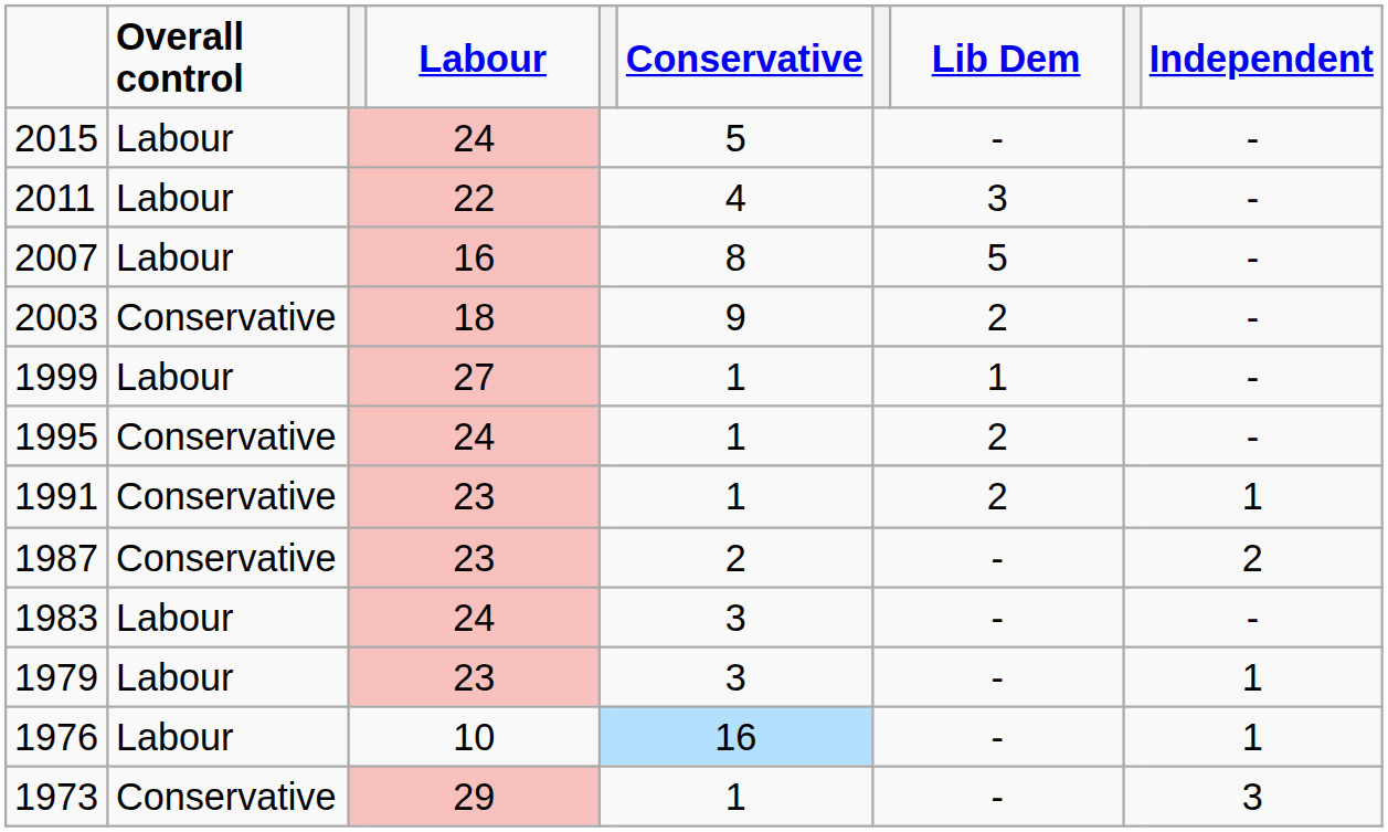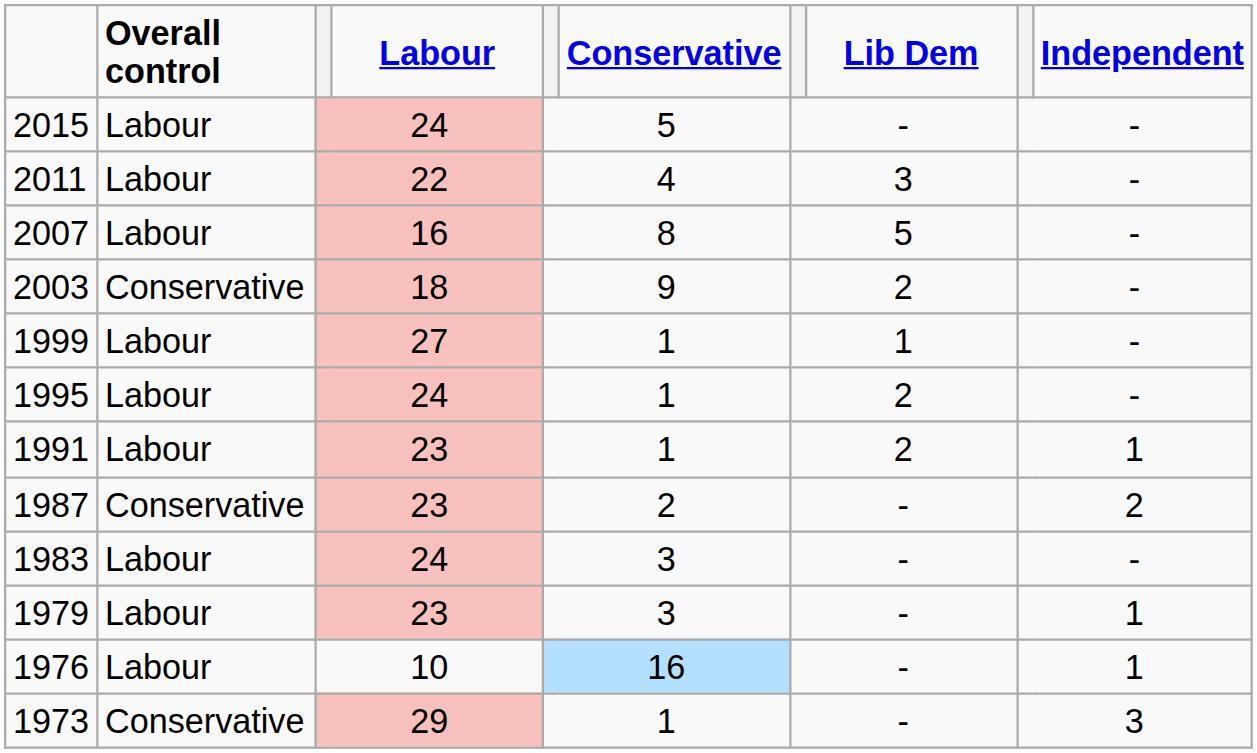 <table class="wikitable" style="text-align:left; padding-left:1em; font-size: 95%">
 <tr>
 <td width=32></td>
 <td width=90><strong>Overall control</strong></td>
 <th style="background-color: "></th>
 <td width=87 align="center"><strong><a href='#'>Labour</a></strong></td>
 <th style="background-color: "></th>
 <td width=87 align="center"><strong><a href='#'>Conservative</a></strong></td>
 <th style="background-color: "></th>
 <td width=87 align="center"><strong><a href='#'>Lib Dem</a></strong></td>
 <th style="background-color: "></th>
 <td width=87 align="center"><strong><a href='#'>Independent</a></strong></td>
 </tr>
 <tr>
 <td>2015</td>
 <td style="background:">Labour</td>
 <td colspan=2 align="center" style="background:#F8C1BE">24</td>
 <td colspan=2 align="center">5</td>
 <td colspan=2 align="center">-</td>
 <td colspan=2 align="center">-</td>
 </tr>
 <tr>
 <td>2011</td>
 <td style="background:">Labour</td>
 <td colspan=2 align="center" style="background:#F8C1BE">22</td>
 <td colspan=2 align="center">4</td>
 <td colspan=2 align="center">3</td>
 <td colspan=2 align="center">-</td>
 </tr>
 <tr>
 <td>2007</td>
 <td style="background:">Labour</td>
 <td colspan=2 align="center" style="background:#F8C1BE">16</td>
 <td colspan=2 align="center">8</td>
 <td colspan=2 align="center">5</td>
 <td colspan=2 align="center">-</td>
 </tr>
 <tr>
 <td>2003</td>
 <td style="background:">Conservative</td>
 <td colspan=2 align="center" style="background:#F8C1BE">18</td>
 <td colspan=2 align="center">9</td>
 <td colspan=2 align="center">2</td>
 <td colspan=2 align="center">-</td>
 </tr>
 <tr>
 <td>1999</td>
 <td style="background:">Labour</td>
 <td colspan=2 align="center" style="background:#F8C1BE">27</td>
 <td colspan=2 align="center">1</td>
 <td colspan=2 align="center">1</td>
 <td colspan=2 align="center">-</td>
 </tr>
 <tr>
 <td>1995</td>
-<td style="background:">Conservative</td>
+<td style="background:">Labour</td>
 <td colspan=2 align="center" style="background:#F8C1BE">24</td>
 <td colspan=2 align="center">1</td>
 <td colspan=2 align="center">2</td>
 <td colspan=2 align="center">-</td>
 </tr>
 <tr>
 <td>1991</td>
-<td style="background:">Conservative</td>
+<td style="background:">Labour</td>
 <td colspan=2 align="center" style="background:#F8C1BE">23</td>
 <td colspan=2 align="center">1</td>
 <td colspan=2 align="center">2</td>
 <td colspan=2 align="center">1</td>
 </tr>
 <tr>
 <td>1987</td>
 <td style="background:">Conservative</td>
 <td colspan=2 align="center" style="background:#F8C1BE">23</td>
 <td colspan=2 align="center">2</td>
 <td colspan=2 align="center">-</td>
 <td colspan=2 align="center">2</td>
 </tr>
 <tr>
 <td>1983</td>
 <td style="background:">Labour</td>
 <td colspan=2 align="center" style="background:#F8C1BE">24</td>
 <td colspan=2 align="center">3</td>
 <td colspan=2 align="center">-</td>
 <td colspan=2 align="center">-</td>
 </tr>
 <tr>
 <td>1979</td>
 <td style="background:">Labour</td>
 <td colspan=2 align="center" style="background:#F8C1BE">23</td>
 <td colspan=2 align="center">3</td>
 <td colspan=2 align="center">-</td>
 <td colspan=2 align="center">1</td>
 </tr>
 <tr>
 <td>1976</td>
 <td style="background:">Labour</td>
 <td colspan=2 align="center">10</td>
 <td colspan=2 align="center" style="background:#B3E0FF">16</td>
 <td colspan=2 align="center">-</td>
 <td colspan=2 align="center">1</td>
 </tr>
 <tr>
 <td>1973</td>
 <td style="background:">Conservative</td>
 <td colspan=2 align="center" style="background:#F8C1BE">29</td>
 <td colspan=2 align="center">1</td>
 <td colspan=2 align="center">-</td>
 <td colspan=2 align="center">3</td>
 </tr>
 </table>
